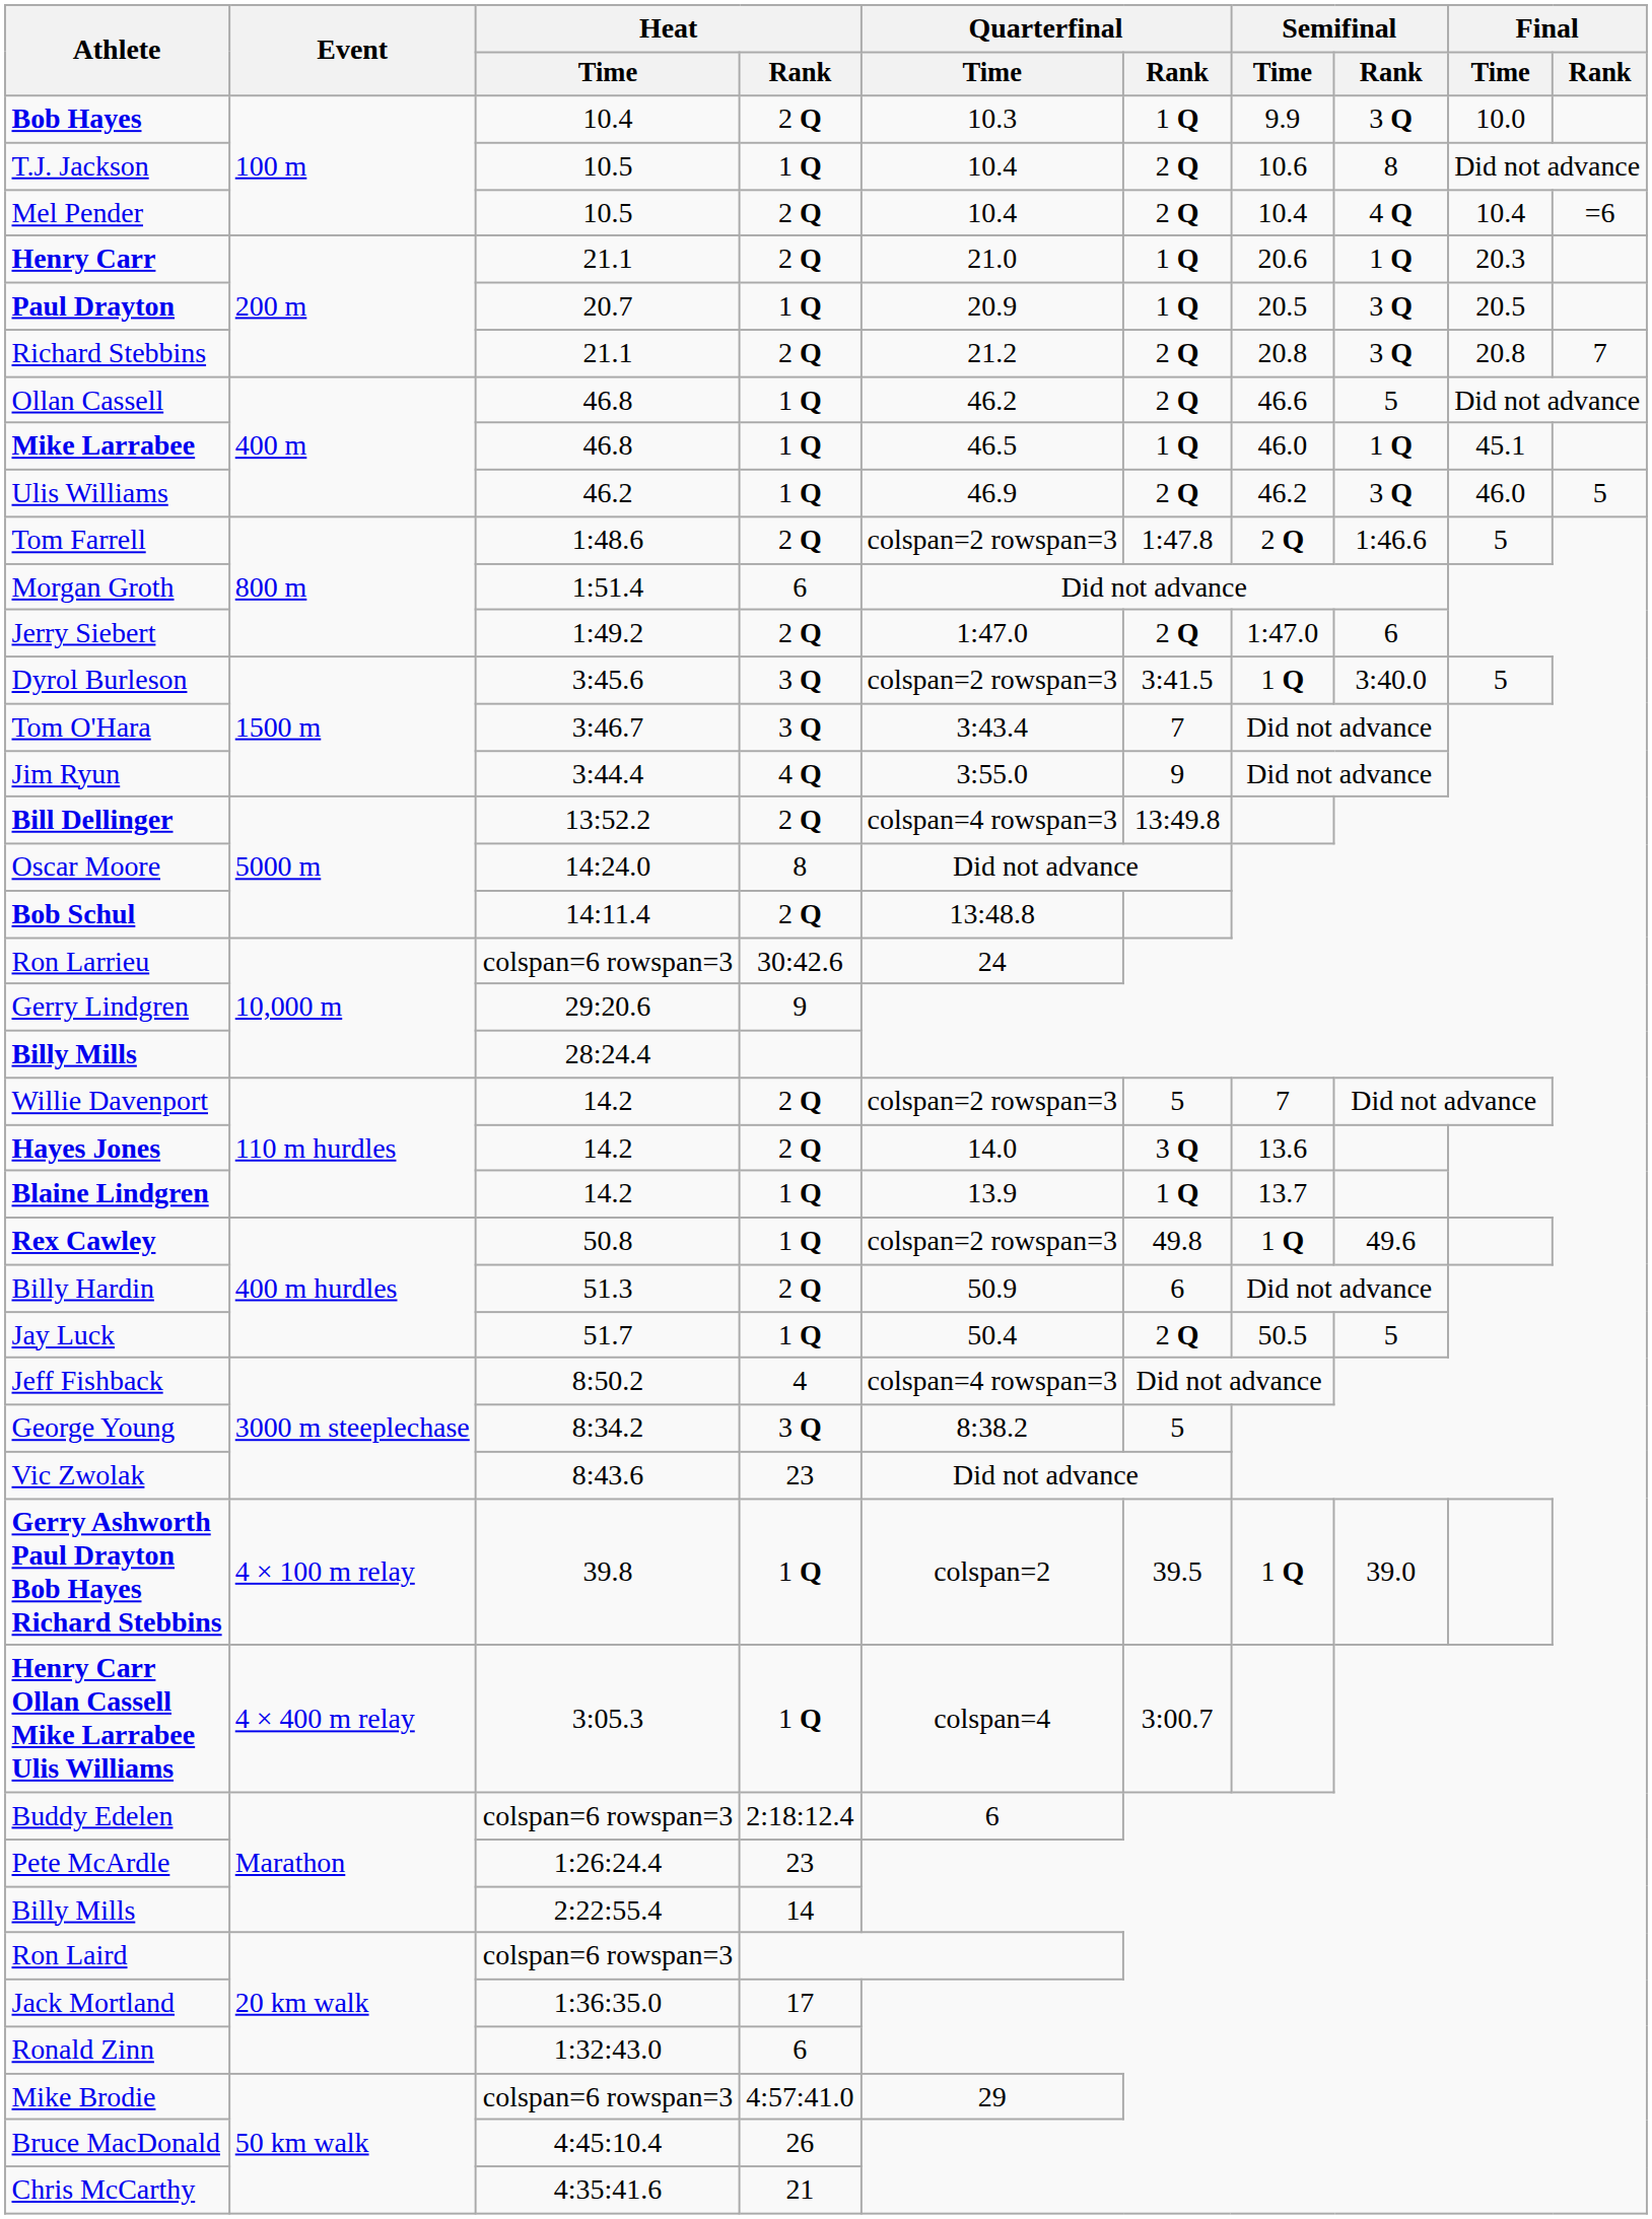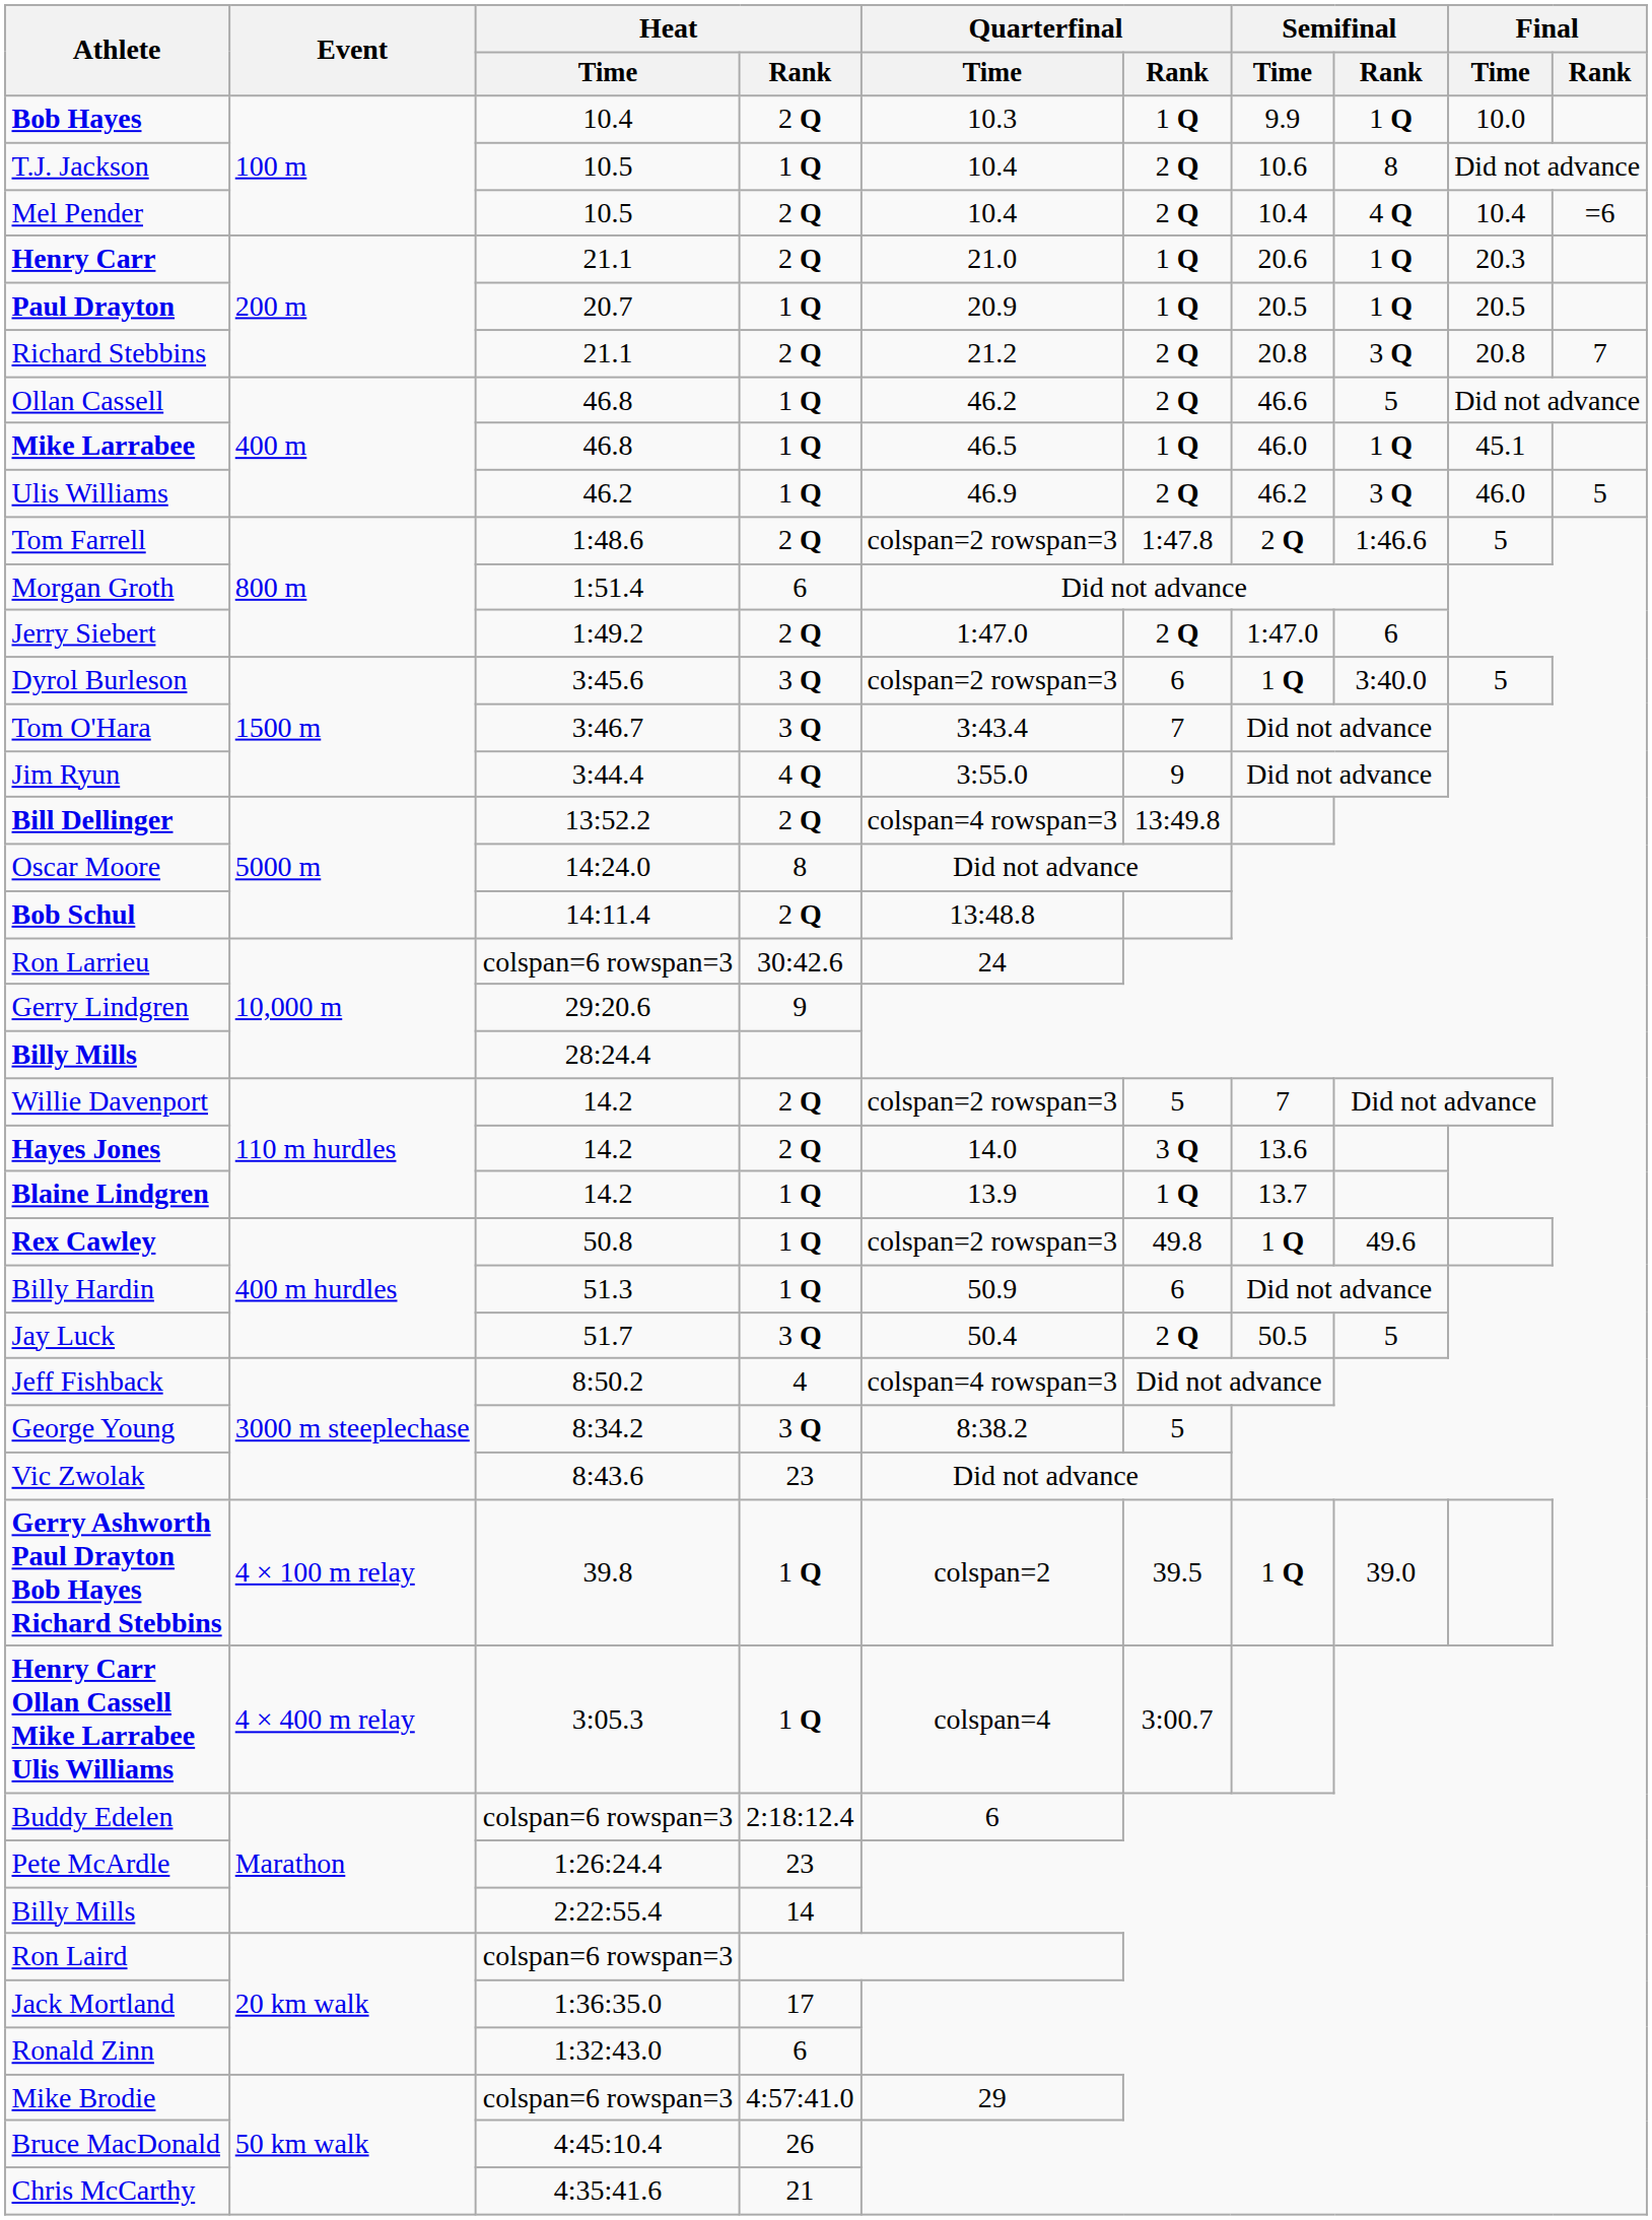 <table class=wikitable style=font-size:90%;text-align:center>
 <tr>
 <th rowspan=2>Athlete</th>
 <th rowspan=2>Event</th>
 <th colspan=2>Heat</th>
 <th colspan=2>Quarterfinal</th>
 <th colspan=2>Semifinal</th>
 <th colspan=2>Final</th>
 </tr>
 <tr style=font-size:95%>
 <th>Time</th>
 <th>Rank</th>
 <th>Time</th>
 <th>Rank</th>
 <th>Time</th>
 <th>Rank</th>
 <th>Time</th>
 <th>Rank</th>
 </tr>
 <tr>
 <td align=left><strong><a href='#'>Bob Hayes</a></strong></td>
 <td align=left rowspan=3><a href='#'>100 m</a></td>
 <td>10.4</td>
 <td>2 <strong>Q</strong></td>
 <td>10.3</td>
 <td>1 <strong>Q</strong></td>
 <td>9.9</td>
-<td>3 <strong>Q</strong></td>
+<td>1 <strong>Q</strong></td>
 <td>10.0</td>
 <td></td>
 </tr>
 <tr>
 <td align=left><a href='#'>T.J. Jackson</a></td>
 <td>10.5</td>
 <td>1 <strong>Q</strong></td>
 <td>10.4</td>
 <td>2 <strong>Q</strong></td>
 <td>10.6</td>
 <td>8</td>
 <td colspan=2>Did not advance</td>
 </tr>
 <tr>
 <td align=left><a href='#'>Mel Pender</a></td>
 <td>10.5</td>
 <td>2 <strong>Q</strong></td>
 <td>10.4</td>
 <td>2 <strong>Q</strong></td>
 <td>10.4</td>
 <td>4 <strong>Q</strong></td>
 <td>10.4</td>
 <td>=6</td>
 </tr>
 <tr>
 <td align=left><strong><a href='#'>Henry Carr</a></strong></td>
 <td align=left rowspan=3><a href='#'>200 m</a></td>
 <td>21.1</td>
 <td>2 <strong>Q</strong></td>
 <td>21.0</td>
 <td>1 <strong>Q</strong></td>
 <td>20.6</td>
 <td>1 <strong>Q</strong></td>
 <td>20.3 </td>
 <td></td>
 </tr>
 <tr>
 <td align=left><strong><a href='#'>Paul Drayton</a></strong></td>
 <td>20.7</td>
 <td>1 <strong>Q</strong></td>
 <td>20.9</td>
 <td>1 <strong>Q</strong></td>
 <td>20.5</td>
-<td>3 <strong>Q</strong></td>
+<td>1 <strong>Q</strong></td>
 <td>20.5</td>
 <td></td>
 </tr>
 <tr>
 <td align=left><a href='#'>Richard Stebbins</a></td>
 <td>21.1</td>
 <td>2 <strong>Q</strong></td>
 <td>21.2</td>
 <td>2 <strong>Q</strong></td>
 <td>20.8</td>
 <td>3 <strong>Q</strong></td>
 <td>20.8</td>
 <td>7</td>
 </tr>
 <tr>
 <td align=left><a href='#'>Ollan Cassell</a></td>
 <td align=left rowspan=3><a href='#'>400 m</a></td>
 <td>46.8</td>
 <td>1 <strong>Q</strong></td>
 <td>46.2</td>
 <td>2 <strong>Q</strong></td>
 <td>46.6</td>
 <td>5</td>
 <td colspan=2>Did not advance</td>
 </tr>
 <tr>
 <td align=left><strong><a href='#'>Mike Larrabee</a></strong></td>
 <td>46.8</td>
 <td>1 <strong>Q</strong></td>
 <td>46.5</td>
 <td>1 <strong>Q</strong></td>
 <td>46.0</td>
 <td>1 <strong>Q</strong></td>
 <td>45.1</td>
 <td></td>
 </tr>
 <tr>
 <td align=left><a href='#'>Ulis Williams</a></td>
 <td>46.2</td>
 <td>1 <strong>Q</strong></td>
 <td>46.9</td>
 <td>2 <strong>Q</strong></td>
 <td>46.2</td>
 <td>3 <strong>Q</strong></td>
 <td>46.0</td>
 <td>5</td>
 </tr>
 <tr>
 <td align=left><a href='#'>Tom Farrell</a></td>
 <td align=left rowspan=3><a href='#'>800 m</a></td>
 <td>1:48.6</td>
 <td>2 <strong>Q</strong></td>
 <td>colspan=2 rowspan=3 </td>
 <td>1:47.8</td>
 <td>2 <strong>Q</strong></td>
 <td>1:46.6</td>
 <td>5</td>
 </tr>
 <tr>
 <td align=left><a href='#'>Morgan Groth</a></td>
 <td>1:51.4</td>
 <td>6</td>
 <td colspan=4>Did not advance</td>
 </tr>
 <tr>
 <td align=left><a href='#'>Jerry Siebert</a></td>
 <td>1:49.2</td>
 <td>2 <strong>Q</strong></td>
 <td>1:47.0</td>
 <td>2 <strong>Q</strong></td>
 <td>1:47.0</td>
 <td>6</td>
 </tr>
 <tr>
 <td align=left><a href='#'>Dyrol Burleson</a></td>
 <td align=left rowspan=3><a href='#'>1500 m</a></td>
 <td>3:45.6</td>
 <td>3 <strong>Q</strong></td>
 <td>colspan=2 rowspan=3 </td>
-<td>3:41.5</td>
+<td>6</td>
 <td>1 <strong>Q</strong></td>
 <td>3:40.0</td>
 <td>5</td>
 </tr>
 <tr>
 <td align=left><a href='#'>Tom O'Hara</a></td>
 <td>3:46.7</td>
 <td>3 <strong>Q</strong></td>
 <td>3:43.4</td>
 <td>7</td>
 <td colspan=2>Did not advance</td>
 </tr>
 <tr>
 <td align=left><a href='#'>Jim Ryun</a></td>
 <td>3:44.4</td>
 <td>4 <strong>Q</strong></td>
 <td>3:55.0</td>
 <td>9</td>
 <td colspan=2>Did not advance</td>
 </tr>
 <tr>
 <td align=left><strong><a href='#'>Bill Dellinger</a></strong></td>
 <td align=left rowspan=3><a href='#'>5000 m</a></td>
 <td>13:52.2</td>
 <td>2 <strong>Q</strong></td>
 <td>colspan=4 rowspan=3 </td>
 <td>13:49.8</td>
 <td></td>
 </tr>
 <tr>
 <td align=left><a href='#'>Oscar Moore</a></td>
 <td>14:24.0</td>
 <td>8</td>
 <td colspan=2>Did not advance</td>
 </tr>
 <tr>
 <td align=left><strong><a href='#'>Bob Schul</a></strong></td>
 <td>14:11.4</td>
 <td>2 <strong>Q</strong></td>
 <td>13:48.8</td>
 <td></td>
 </tr>
 <tr>
 <td align=left><a href='#'>Ron Larrieu</a></td>
 <td align=left rowspan=3><a href='#'>10,000 m</a></td>
 <td>colspan=6 rowspan=3 </td>
 <td>30:42.6</td>
 <td>24</td>
 </tr>
 <tr>
 <td align=left><a href='#'>Gerry Lindgren</a></td>
 <td>29:20.6</td>
 <td>9</td>
 </tr>
 <tr>
 <td align=left><strong><a href='#'>Billy Mills</a></strong></td>
 <td>28:24.4 </td>
 <td></td>
 </tr>
 <tr>
 <td align=left><a href='#'>Willie Davenport</a></td>
 <td align=left rowspan=3><a href='#'>110 m hurdles</a></td>
 <td>14.2</td>
 <td>2 <strong>Q</strong></td>
 <td>colspan=2 rowspan=3 </td>
 <td>5</td>
 <td>7</td>
 <td colspan=2>Did not advance</td>
 </tr>
 <tr>
 <td align=left><strong><a href='#'>Hayes Jones</a></strong></td>
 <td>14.2</td>
 <td>2 <strong>Q</strong></td>
 <td>14.0</td>
 <td>3 <strong>Q</strong></td>
 <td>13.6</td>
 <td></td>
 </tr>
 <tr>
 <td align=left><strong><a href='#'>Blaine Lindgren</a></strong></td>
 <td>14.2</td>
 <td>1 <strong>Q</strong></td>
 <td>13.9</td>
 <td>1 <strong>Q</strong></td>
 <td>13.7</td>
 <td></td>
 </tr>
 <tr>
 <td align=left><strong><a href='#'>Rex Cawley</a></strong></td>
 <td align=left rowspan=3><a href='#'>400 m hurdles</a></td>
 <td>50.8</td>
 <td>1 <strong>Q</strong></td>
 <td>colspan=2 rowspan=3 </td>
 <td>49.8</td>
 <td>1 <strong>Q</strong></td>
 <td>49.6</td>
 <td></td>
 </tr>
 <tr>
 <td align=left><a href='#'>Billy Hardin</a></td>
 <td>51.3</td>
-<td>2 <strong>Q</strong></td>
+<td>1 <strong>Q</strong></td>
 <td>50.9</td>
 <td>6</td>
 <td colspan=2>Did not advance</td>
 </tr>
 <tr>
 <td align=left><a href='#'>Jay Luck</a></td>
 <td>51.7</td>
-<td>1 <strong>Q</strong></td>
+<td>3 <strong>Q</strong></td>
 <td>50.4</td>
 <td>2 <strong>Q</strong></td>
 <td>50.5</td>
 <td>5</td>
 </tr>
 <tr>
 <td align=left><a href='#'>Jeff Fishback</a></td>
 <td align=left rowspan=3><a href='#'>3000 m steeplechase</a></td>
 <td>8:50.2</td>
 <td>4</td>
 <td>colspan=4 rowspan=3 </td>
 <td colspan=2>Did not advance</td>
 </tr>
 <tr>
 <td align=left><a href='#'>George Young</a></td>
 <td>8:34.2</td>
 <td>3 <strong>Q</strong></td>
 <td>8:38.2</td>
 <td>5</td>
 </tr>
 <tr>
 <td align=left><a href='#'>Vic Zwolak</a></td>
 <td>8:43.6</td>
 <td>23</td>
 <td colspan=2>Did not advance</td>
 </tr>
 <tr>
 <td align=left><strong><a href='#'>Gerry Ashworth</a><br><a href='#'>Paul Drayton</a><br><a href='#'>Bob Hayes</a><br><a href='#'>Richard Stebbins</a></strong></td>
 <td align=left><a href='#'>4 × 100 m relay</a></td>
 <td>39.8</td>
 <td>1 <strong>Q</strong></td>
 <td>colspan=2 </td>
 <td>39.5</td>
 <td>1 <strong>Q</strong></td>
 <td>39.0 </td>
 <td></td>
 </tr>
 <tr>
 <td align=left><strong><a href='#'>Henry Carr</a><br><a href='#'>Ollan Cassell</a><br><a href='#'>Mike Larrabee</a><br><a href='#'>Ulis Williams</a></strong></td>
 <td align=left><a href='#'>4 × 400 m relay</a></td>
 <td>3:05.3</td>
 <td>1 <strong>Q</strong></td>
 <td>colspan=4 </td>
 <td>3:00.7 </td>
 <td></td>
 </tr>
 <tr>
 <td align=left><a href='#'>Buddy Edelen</a></td>
 <td align=left rowspan=3><a href='#'>Marathon</a></td>
 <td>colspan=6 rowspan=3 </td>
 <td>2:18:12.4</td>
 <td>6</td>
 </tr>
 <tr>
 <td align=left><a href='#'>Pete McArdle</a></td>
 <td>1:26:24.4</td>
 <td>23</td>
 </tr>
 <tr>
 <td align=left><a href='#'>Billy Mills</a></td>
 <td>2:22:55.4</td>
 <td>14</td>
 </tr>
 <tr>
 <td align=left><a href='#'>Ron Laird</a></td>
 <td align=left rowspan=3><a href='#'>20 km walk</a></td>
 <td>colspan=6 rowspan=3 </td>
 <td colspan=2></td>
 </tr>
 <tr>
 <td align=left><a href='#'>Jack Mortland</a></td>
 <td>1:36:35.0</td>
 <td>17</td>
 </tr>
 <tr>
 <td align=left><a href='#'>Ronald Zinn</a></td>
 <td>1:32:43.0</td>
 <td>6</td>
 </tr>
 <tr>
 <td align=left><a href='#'>Mike Brodie</a></td>
 <td align=left rowspan=3><a href='#'>50 km walk</a></td>
 <td>colspan=6 rowspan=3 </td>
 <td>4:57:41.0</td>
 <td>29</td>
 </tr>
 <tr>
 <td align=left><a href='#'>Bruce MacDonald</a></td>
 <td>4:45:10.4</td>
 <td>26</td>
 </tr>
 <tr>
 <td align=left><a href='#'>Chris McCarthy</a></td>
 <td>4:35:41.6</td>
 <td>21</td>
 </tr>
 </table>
